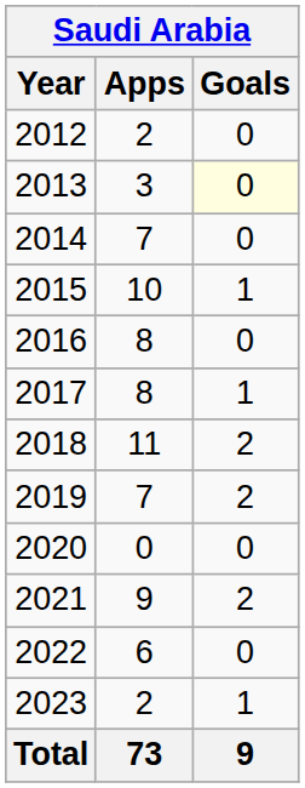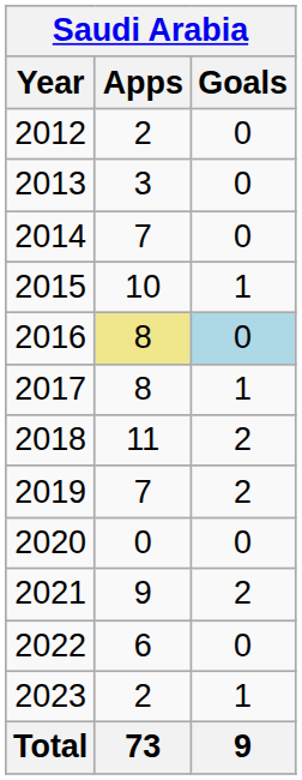 <table class="wikitable" style="text-align:center">
 <tr>
 <th colspan=3><a href='#'>Saudi Arabia</a></th>
 </tr>
 <tr>
 <th>Year</th>
 <th>Apps</th>
 <th>Goals</th>
 </tr>
 <tr>
 <td>2012</td>
 <td>2</td>
 <td>0</td>
 </tr>
 <tr>
 <td>2013</td>
 <td>3</td>
-<td style="background: lightyellow;">0</td>
+<td>0</td>
 </tr>
 <tr>
 <td>2014</td>
 <td>7</td>
 <td>0</td>
 </tr>
 <tr>
 <td>2015</td>
 <td>10</td>
 <td>1</td>
 </tr>
 <tr>
 <td>2016</td>
-<td>8</td>
-<td>0</td>
+<td style="background: khaki;">8</td>
+<td style="background: lightblue;">0</td>
 </tr>
 <tr>
 <td>2017</td>
 <td>8</td>
 <td>1</td>
 </tr>
 <tr>
 <td>2018</td>
 <td>11</td>
 <td>2</td>
 </tr>
 <tr>
 <td>2019</td>
 <td>7</td>
 <td>2</td>
 </tr>
 <tr>
 <td>2020</td>
 <td>0</td>
 <td>0</td>
 </tr>
 <tr>
 <td>2021</td>
 <td>9</td>
 <td>2</td>
 </tr>
 <tr>
 <td>2022</td>
 <td>6</td>
 <td>0</td>
 </tr>
 <tr>
 <td>2023</td>
 <td>2</td>
 <td>1</td>
 </tr>
 <tr>
 <th>Total</th>
 <th>73</th>
 <th>9</th>
 </tr>
 </table>
